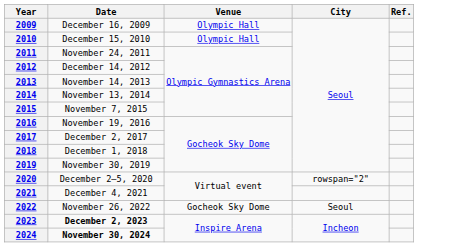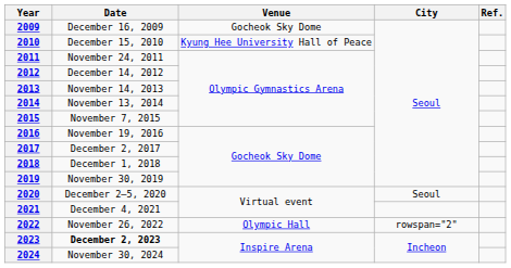 <table class="wikitable plainrowheaders" style="text-align:center">
 <tr>
 <th scope="col" width=60>Year</th>
 <th scope="col" width=170>Date</th>
 <th scope="col">Venue</th>
 <th scope="col" width=140>City</th>
 <th scope="col">Ref.</th>
 </tr>
 <tr>
 <th scope="row" style="text-align:center;"><a href='#'>2009</a></th>
 <td>December 16, 2009</td>
-<td><a href='#'>Olympic Hall</a></td>
+<td>Gocheok Sky Dome</td>
 <td rowspan="11"><a href='#'>Seoul</a></td>
 <td></td>
 </tr>
 <tr>
 <th scope="row" style="text-align:center;"><a href='#'>2010</a></th>
 <td>December 15, 2010</td>
-<td><a href='#'>Olympic Hall</a></td>
+<td><a href='#'>Kyung Hee University</a> Hall of Peace</td>
 <td></td>
 </tr>
 <tr>
 <th scope="row" style="text-align:center;"><a href='#'>2011</a></th>
 <td>November 24, 2011</td>
 <td rowspan="5"><a href='#'>Olympic Gymnastics Arena</a></td>
 <td></td>
 </tr>
 <tr>
 <th scope="row" style="text-align:center;"><a href='#'>2012</a></th>
 <td>December 14, 2012</td>
 <td></td>
 </tr>
 <tr>
 <th scope="row" style="text-align:center;"><a href='#'>2013</a></th>
 <td>November 14, 2013</td>
 <td></td>
 </tr>
 <tr>
 <th scope="row" style="text-align:center;"><a href='#'>2014</a></th>
 <td>November 13, 2014</td>
 <td></td>
 </tr>
 <tr>
 <th scope="row" style="text-align:center;"><a href='#'>2015</a></th>
 <td>November 7, 2015</td>
 <td></td>
 </tr>
 <tr>
 <th scope="row" style="text-align:center;"><a href='#'>2016</a></th>
 <td>November 19, 2016</td>
 <td rowspan="4"><a href='#'>Gocheok Sky Dome</a></td>
 <td></td>
 </tr>
 <tr>
 <th scope="row" style="text-align:center;"><a href='#'>2017</a></th>
 <td>December 2, 2017</td>
 <td></td>
 </tr>
 <tr>
 <th scope="row" style="text-align:center;"><a href='#'>2018</a></th>
 <td>December 1, 2018</td>
 <td></td>
 </tr>
 <tr>
 <th scope="row" style="text-align:center;"><a href='#'>2019</a></th>
 <td>November 30, 2019</td>
 <td></td>
 </tr>
 <tr>
 <th scope="row" style="text-align:center;"><a href='#'>2020</a></th>
 <td>December 2–5, 2020</td>
 <td rowspan="2">Virtual event</td>
-<td>rowspan="2" </td>
+<td>Seoul</td>
 <td></td>
 </tr>
 <tr>
 <th scope="row" style="text-align:center;"><a href='#'>2021</a></th>
 <td>December 4, 2021</td>
 <td></td>
 </tr>
 <tr>
 <th scope="row" style="text-align:center;"><a href='#'>2022</a></th>
 <td>November 26, 2022</td>
-<td>Gocheok Sky Dome</td>
-<td>Seoul</td>
+<td><a href='#'>Olympic Hall</a></td>
+<td>rowspan="2" </td>
 <td></td>
 </tr>
 <tr>
 <th scope="row" style="text-align:center;"><a href='#'>2023</a></th>
 <td><strong>December 2, 2023</strong></td>
 <td rowspan="2"><a href='#'>Inspire Arena</a></td>
 <td rowspan="2"><a href='#'>Incheon</a></td>
 <td></td>
 </tr>
 <tr>
 <th scope="row" style="text-align:center;"><a href='#'>2024</a></th>
-<td><strong>November 30, 2024</strong></td>
+<td>November 30, 2024</td>
 <td></td>
 </tr>
 </table>
